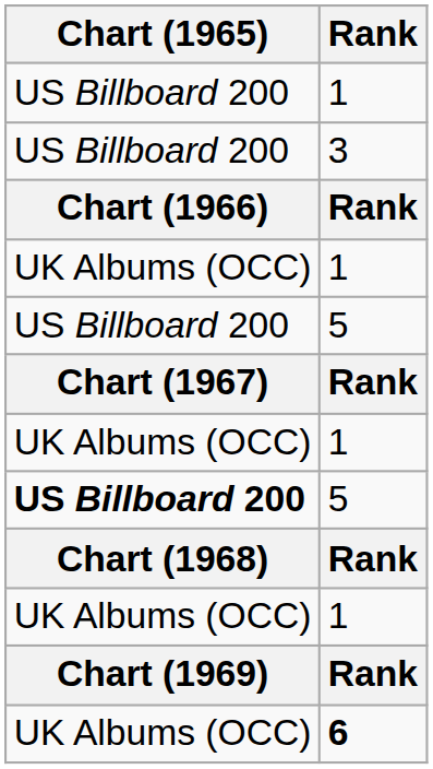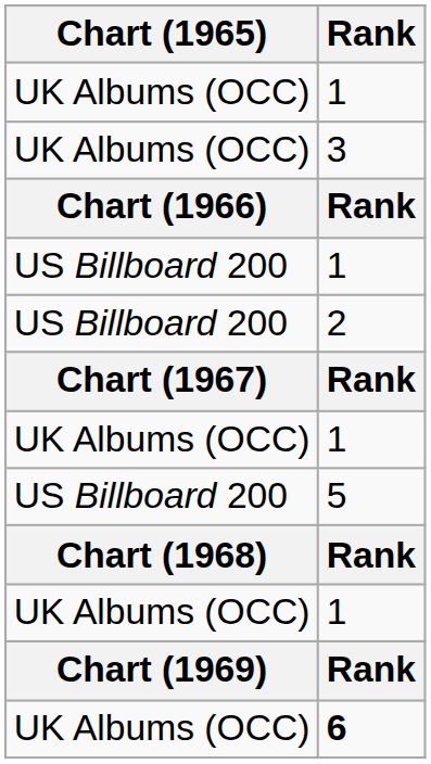 <table class="wikitable plainrowheaders" "style=text-align:center;">
 <tr>
 <th>Chart (1965)</th>
+<th>Rank</th>
+</tr>
+<tr>
+<td "text-align:left;">UK Albums (OCC)</td>
+<td>1</td>
+</tr>
+<tr>
+<td "text-align:left;">UK Albums (OCC)</td>
+<td>3</td>
+</tr>
+<tr>
+<th>Chart (1966)</th>
 <th>Rank</th>
 </tr>
 <tr>
 <td "text-align:left;">US <em>Billboard</em> 200</td>
 <td>1</td>
 </tr>
 <tr>
 <td "text-align:left;">US <em>Billboard</em> 200</td>
-<td>3</td>
-</tr>
-<tr>
-<th>Chart (1966)</th>
-<th>Rank</th>
-</tr>
-<tr>
-<td "text-align:left;">UK Albums (OCC)</td>
-<td>1</td>
-</tr>
-<tr>
-<td "text-align:left;">US <em>Billboard</em> 200</td>
-<td>5</td>
+<td>2</td>
 </tr>
 <tr>
 <th>Chart (1967)</th>
 <th>Rank</th>
 </tr>
 <tr>
 <td "text-align:left;">UK Albums (OCC)</td>
 <td>1</td>
 </tr>
 <tr>
-<td "text-align:left;"><strong>US <em>Billboard</em> 200</strong></td>
+<td "text-align:left;">US <em>Billboard</em> 200</td>
 <td>5</td>
 </tr>
 <tr>
 <th>Chart (1968)</th>
 <th>Rank</th>
 </tr>
 <tr>
 <td "text-align:left;">UK Albums (OCC)</td>
 <td>1</td>
 </tr>
 <tr>
 <th>Chart (1969)</th>
 <th>Rank</th>
 </tr>
 <tr>
 <td "text-align:left;">UK Albums (OCC)</td>
 <td><strong>6</strong></td>
 </tr>
 </table>
